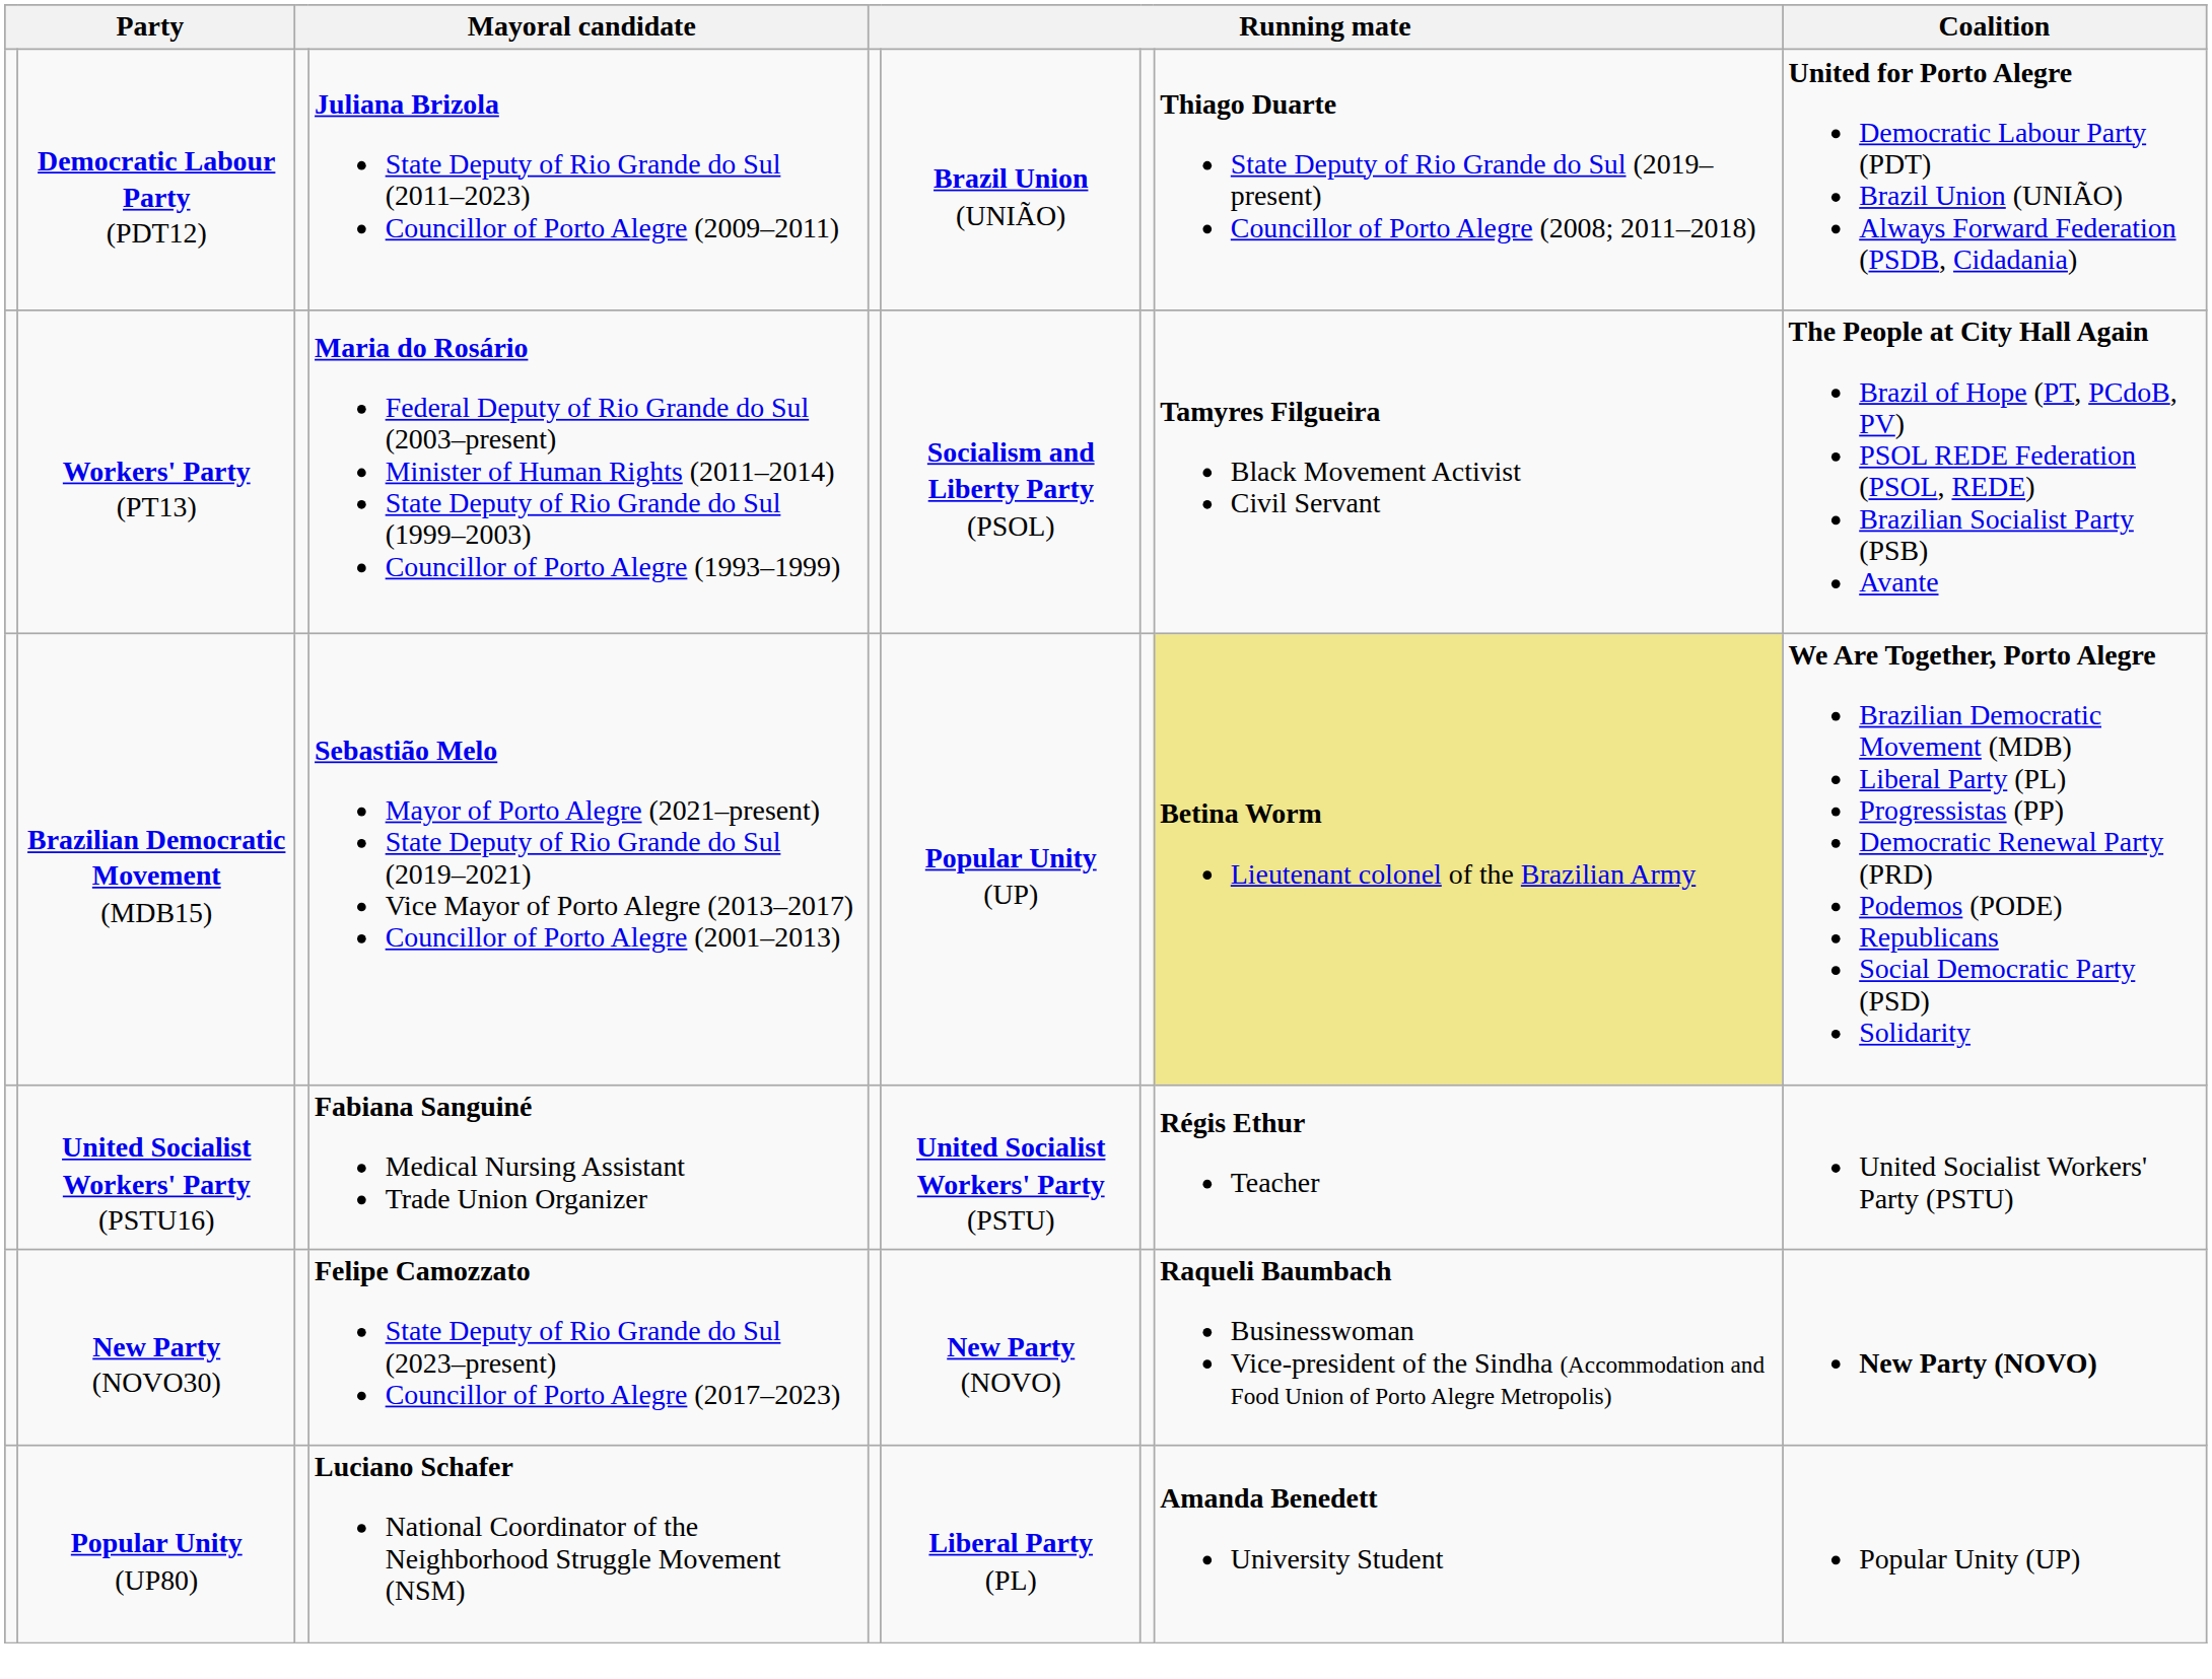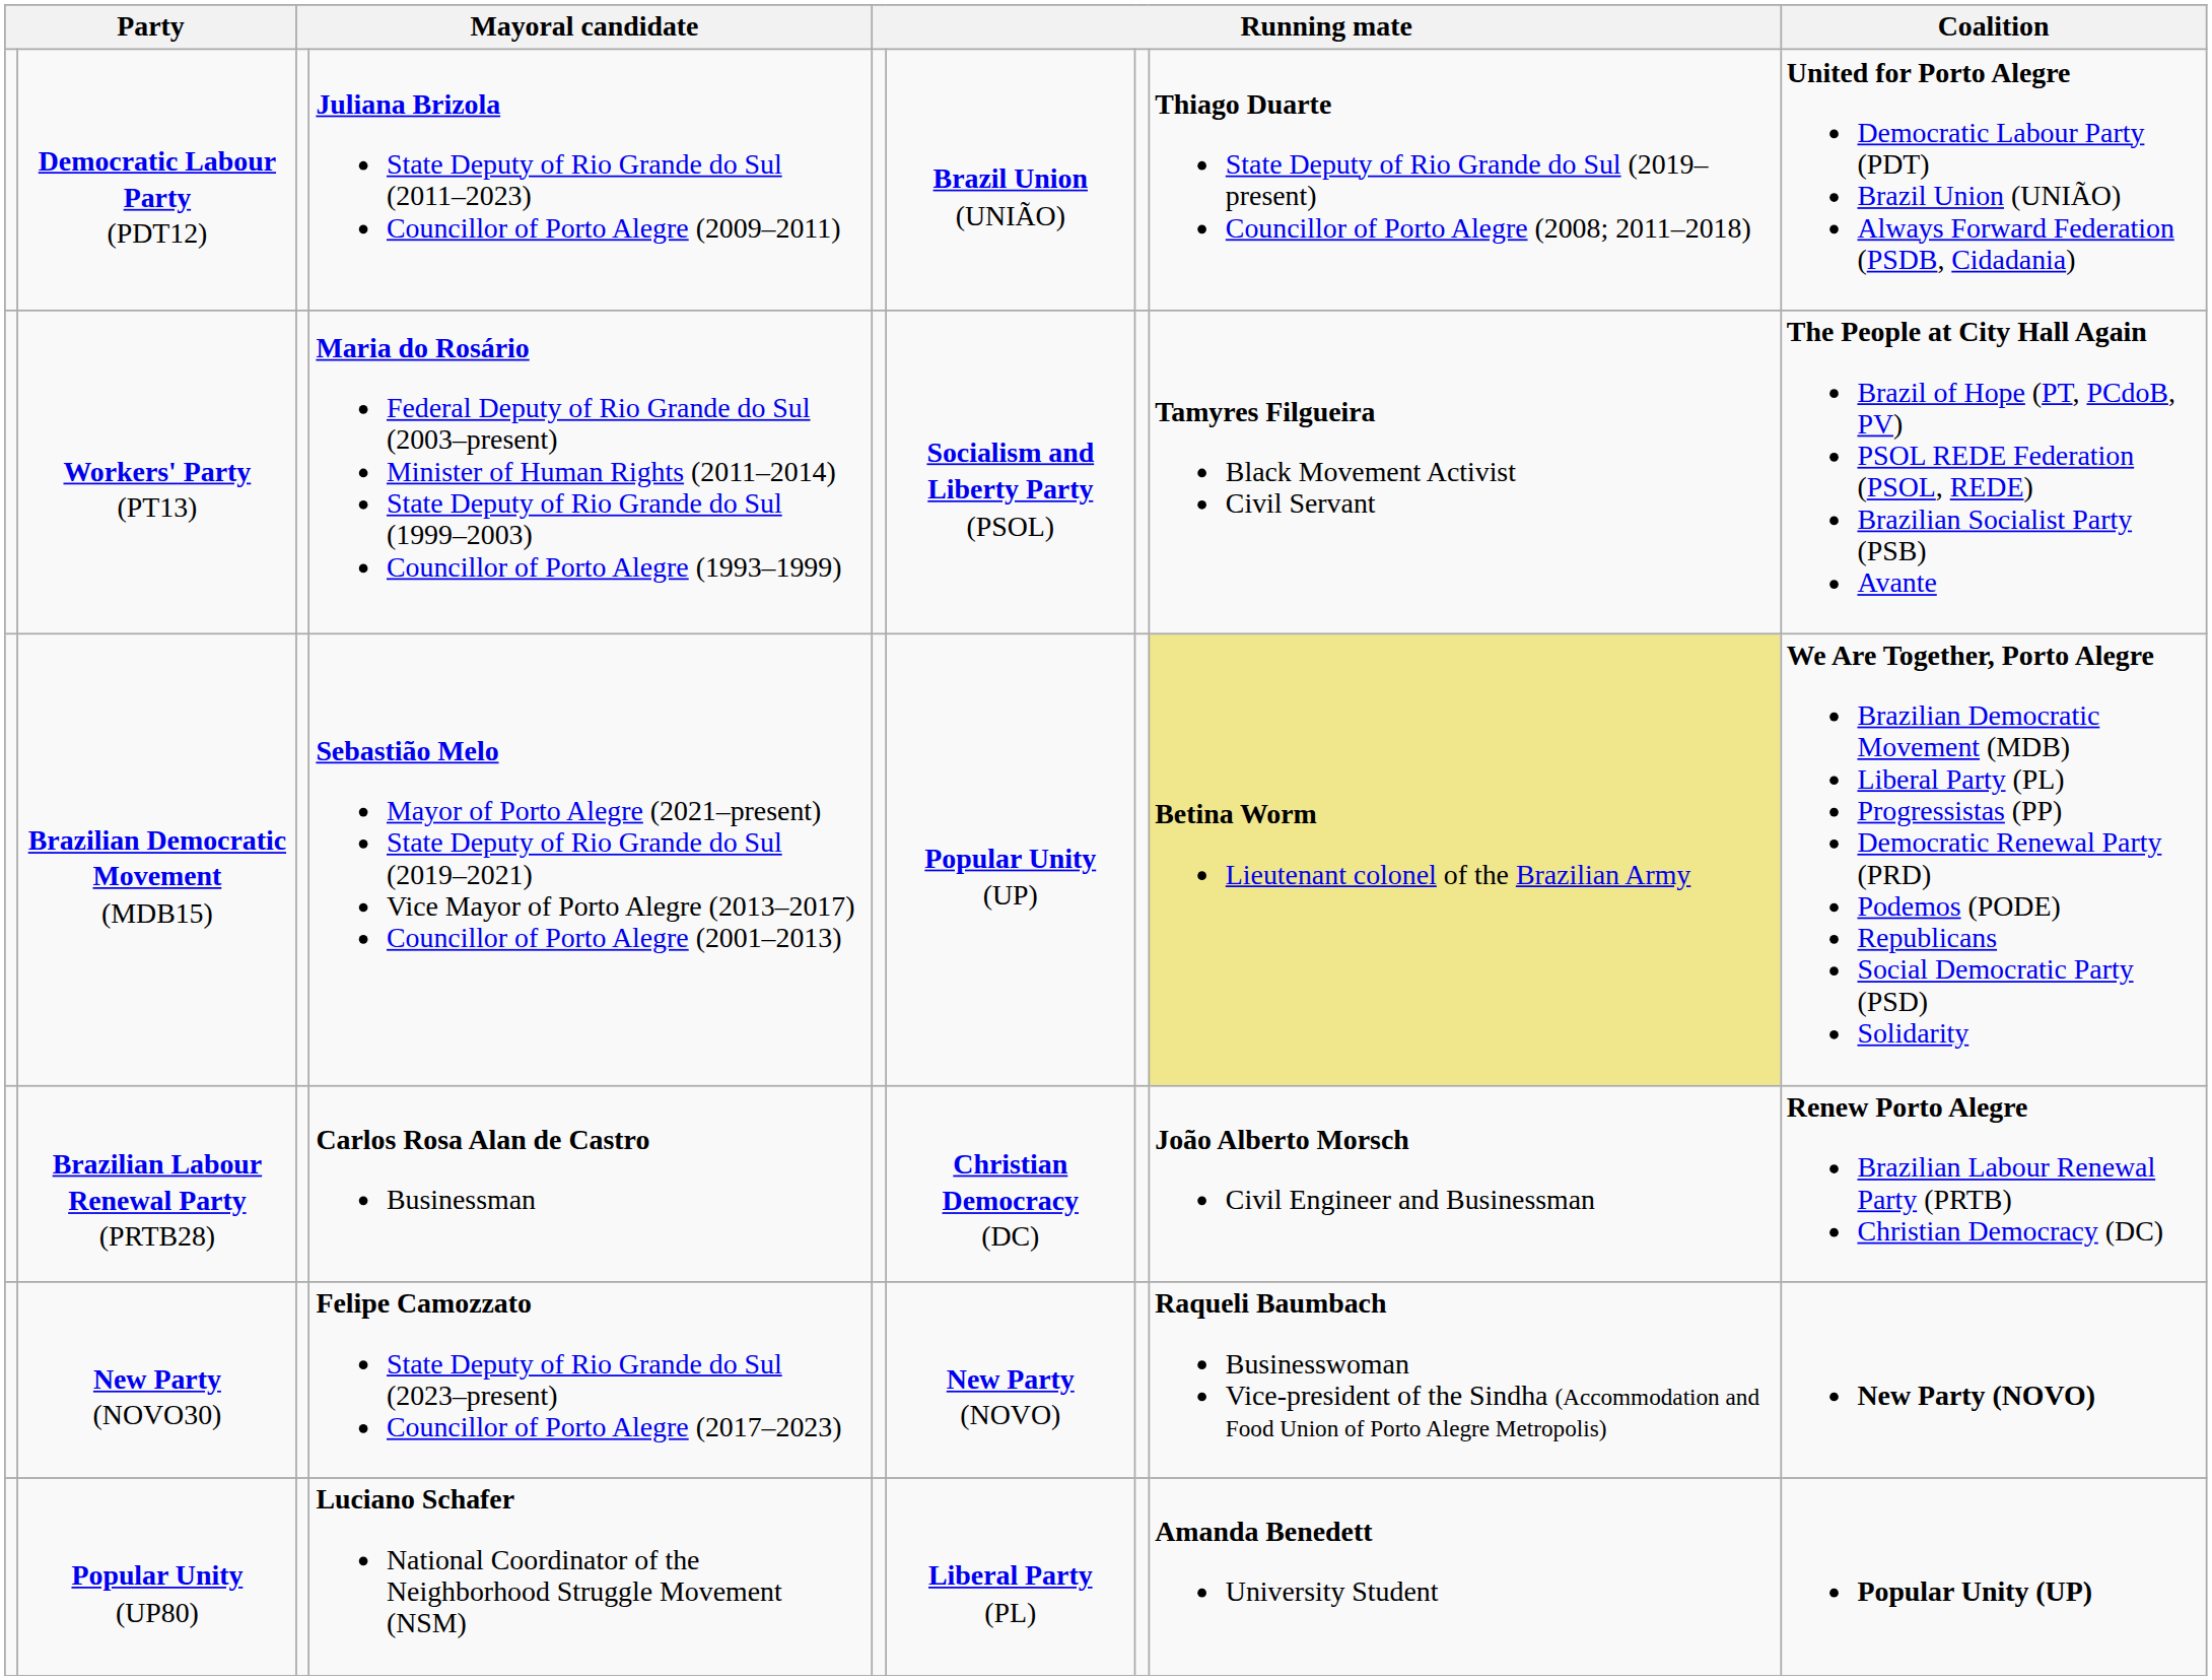 <table class="vertical-align-top wikitable">
 <tr>
 <th colspan="2" scope="colgroup">Party</th>
 <th colspan="2" scope="colgroup">Mayoral candidate</th>
 <th colspan="4">Running mate</th>
 <th scope="col">Coalition</th>
 </tr>
 <tr>
 <td style="background:"></td>
 <td style="text-align:center; line-height:1.3"><br><strong><a href='#'>Democratic Labour Party</a></strong><br>(PDT12)</td>
 <td></td>
 <td><strong><a href='#'>Juliana Brizola</a></strong><br><ul><li><a href='#'>State Deputy of Rio Grande do Sul</a> (2011–2023)</li><li><a href='#'>Councillor of Porto Alegre</a> (2009–2011)</li></ul></td>
 <td style="background:"></td>
 <td style="text-align:center; line-height:1.3"><br><strong><a href='#'>Brazil Union</a></strong><br>(UNIÃO)</td>
 <td></td>
 <td><strong>Thiago Duarte</strong><br><ul><li><a href='#'>State Deputy of Rio Grande do Sul</a> (2019–present)</li><li><a href='#'>Councillor of Porto Alegre</a> (2008; 2011–2018)</li></ul></td>
 <td><strong>United for Porto Alegre</strong><br><ul><li><a href='#'>Democratic Labour Party</a> (PDT)</li><li><a href='#'>Brazil Union</a> (UNIÃO)</li><li><a href='#'>Always Forward Federation</a> (<a href='#'>PSDB</a>, <a href='#'>Cidadania</a>)</li></ul></td>
 </tr>
 <tr>
 <td style="background:"></td>
 <td style="text-align:center; line-height:1.3"><br><strong><a href='#'>Workers' Party</a></strong><br>(PT13)</td>
 <td></td>
 <td><strong><a href='#'>Maria do Rosário</a></strong><br><ul><li><a href='#'>Federal Deputy of Rio Grande do Sul</a> (2003–present)</li><li><a href='#'>Minister of Human Rights</a> (2011–2014)</li><li><a href='#'>State Deputy of Rio Grande do Sul</a> (1999–2003)</li><li><a href='#'>Councillor of Porto Alegre</a> (1993–1999)</li></ul></td>
 <td style="background:"></td>
 <td style="text-align:center; line-height:1.3"><br><strong><a href='#'>Socialism and Liberty Party</a></strong><br>(PSOL)</td>
 <td></td>
 <td><strong>Tamyres Filgueira</strong><br><ul><li>Black Movement Activist</li><li>Civil Servant</li></ul></td>
 <td><strong>The People at City Hall Again</strong><br><ul><li><a href='#'>Brazil of Hope</a> (<a href='#'>PT</a>, <a href='#'>PCdoB</a>, <a href='#'>PV</a>)</li><li><a href='#'>PSOL REDE Federation</a> (<a href='#'>PSOL</a>, <a href='#'>REDE</a>)</li><li><a href='#'>Brazilian Socialist Party</a> (PSB)</li><li><a href='#'>Avante</a></li></ul></td>
 </tr>
 <tr>
 <td style="background:"></td>
 <td style="text-align:center; line-height:1.3"><br><strong><a href='#'>Brazilian Democratic Movement</a></strong><br>(MDB15)</td>
 <td></td>
 <td><strong><a href='#'>Sebastião Melo</a></strong><br><ul><li><a href='#'>Mayor of Porto Alegre</a> (2021–present)</li><li><a href='#'>State Deputy of Rio Grande do Sul</a> (2019–2021)</li><li>Vice Mayor of Porto Alegre (2013–2017)</li><li><a href='#'>Councillor of Porto Alegre</a> (2001–2013)</li></ul></td>
 <td style="background:"></td>
 <td style="text-align:center; line-height:1.3"><br><strong><a href='#'>Popular Unity</a></strong><br>(UP)</td>
 <td></td>
 <td style="background: khaki;"><strong>Betina Worm</strong><br><ul><li><a href='#'>Lieutenant colonel</a> of the <a href='#'>Brazilian Army</a></li></ul></td>
 <td><strong>We Are Together, Porto Alegre</strong><br><ul><li><a href='#'>Brazilian Democratic Movement</a> (MDB)</li><li><a href='#'>Liberal Party</a> (PL)</li><li><a href='#'>Progressistas</a> (PP)</li><li><a href='#'>Democratic Renewal Party</a> (PRD)</li><li><a href='#'>Podemos</a> (PODE)</li><li><a href='#'>Republicans</a></li><li><a href='#'>Social Democratic Party</a> (PSD)</li><li><a href='#'>Solidarity</a></li></ul></td>
 </tr>
 <tr>
 <td style="background:"></td>
-<td style="text-align:center; line-height:1.3"><br><strong><a href='#'>United Socialist Workers' Party</a></strong><br>(PSTU16)</td>
+<td style="text-align:center; line-height:1.3"><br><strong><a href='#'>Brazilian Labour Renewal Party</a></strong><br>(PRTB28)</td>
 <td></td>
-<td><strong>Fabiana Sanguiné</strong><br><ul><li>Medical Nursing Assistant</li><li>Trade Union Organizer</li></ul></td>
+<td><strong>Carlos Rosa Alan de Castro</strong><br><ul><li>Businessman</li></ul></td>
 <td style="background:"></td>
-<td style="text-align:center; line-height:1.3"><br><strong><a href='#'>United Socialist Workers' Party</a></strong><br>(PSTU)</td>
+<td style="text-align:center; line-height:1.3"><br><strong><a href='#'>Christian Democracy</a></strong><br>(DC)</td>
 <td></td>
-<td><strong>Régis Ethur</strong><br><ul><li>Teacher</li></ul></td>
-<td><br><ul><li>United Socialist Workers' Party (PSTU)</li></ul></td>
+<td><strong>João Alberto Morsch</strong><br><ul><li>Civil Engineer and Businessman</li></ul></td>
+<td><strong>Renew Porto Alegre</strong><br><ul><li><a href='#'>Brazilian Labour Renewal Party</a> (PRTB)</li><li><a href='#'>Christian Democracy</a> (DC)</li></ul></td>
 </tr>
 <tr>
 <td style="background:"></td>
 <td style="text-align:center; line-height:1.3"><br><strong><a href='#'>New Party</a></strong><br>(NOVO30)</td>
 <td></td>
 <td><strong>Felipe Camozzato</strong><br><ul><li><a href='#'>State Deputy of Rio Grande do Sul</a> (2023–present)</li><li><a href='#'>Councillor of Porto Alegre</a> (2017–2023)</li></ul></td>
 <td style="background:"></td>
 <td style="text-align:center; line-height:1.3"><br><strong><a href='#'>New Party</a></strong><br>(NOVO)</td>
 <td></td>
 <td><strong>Raqueli Baumbach</strong><br><ul><li>Businesswoman</li><li>Vice-president of the Sindha <small>(Accommodation and Food Union of Porto Alegre Metropolis)</small></li></ul></td>
 <td><strong><br><ul><li>New Party (NOVO)</li></ul></strong></td>
 </tr>
 <tr>
 <td style="background:"></td>
 <td style="text-align:center; line-height:1.3"><br><strong><a href='#'>Popular Unity</a></strong><br>(UP80)</td>
 <td></td>
 <td><strong>Luciano Schafer</strong><br><ul><li>National Coordinator of the Neighborhood Struggle Movement (NSM)</li></ul></td>
 <td style="background:"></td>
 <td style="text-align:center; line-height:1.3"><br><a href='#'><strong>Liberal Party</strong></a><br>(PL)</td>
 <td></td>
 <td><strong>Amanda Benedett</strong><br><ul><li>University Student</li></ul></td>
-<td><br><ul><li>Popular Unity (UP)</li></ul></td>
+<td><strong><br><ul><li>Popular Unity (UP)</li></ul></strong></td>
 </tr>
 </table>
